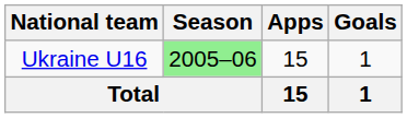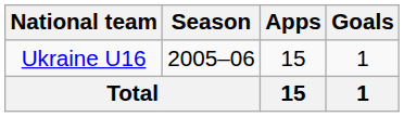 <table class="wikitable" style="text-align: center;">
 <tr>
 <th>National team</th>
 <th>Season</th>
 <th>Apps</th>
 <th>Goals</th>
 </tr>
 <tr>
 <td rowspan="1" valign="center"><a href='#'>Ukraine U16</a></td>
-<td style="background: lightgreen;">2005–06</td>
+<td>2005–06</td>
 <td>15</td>
 <td>1</td>
 </tr>
 <tr>
 <th colspan="2">Total</th>
 <th>15</th>
 <th>1</th>
 </tr>
 </table>
